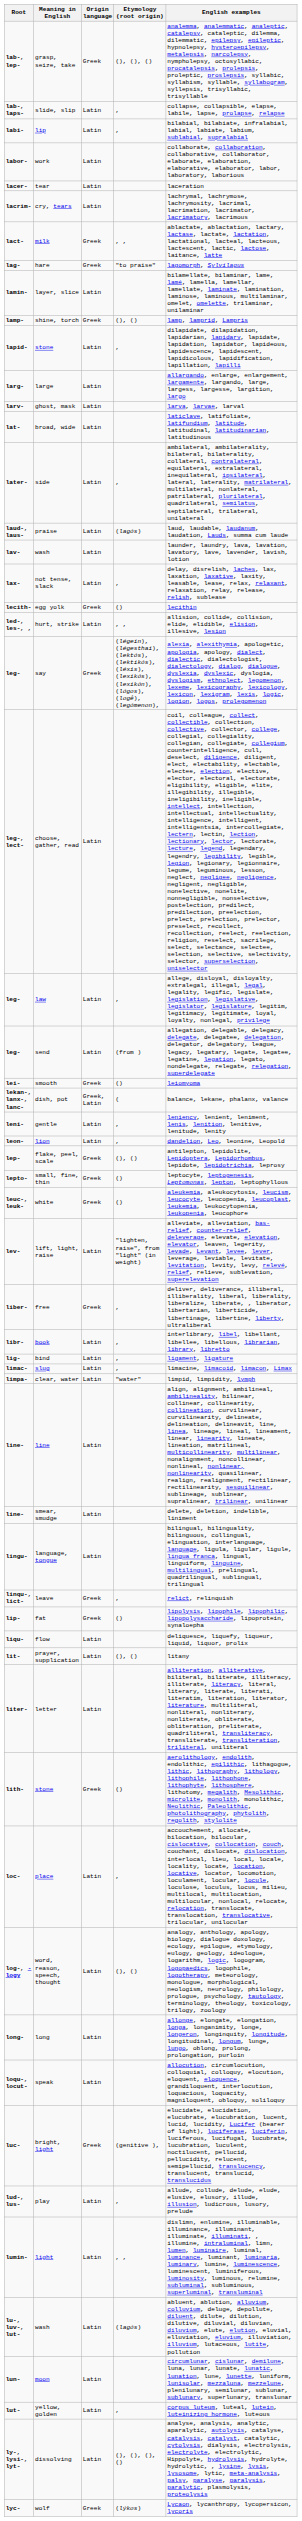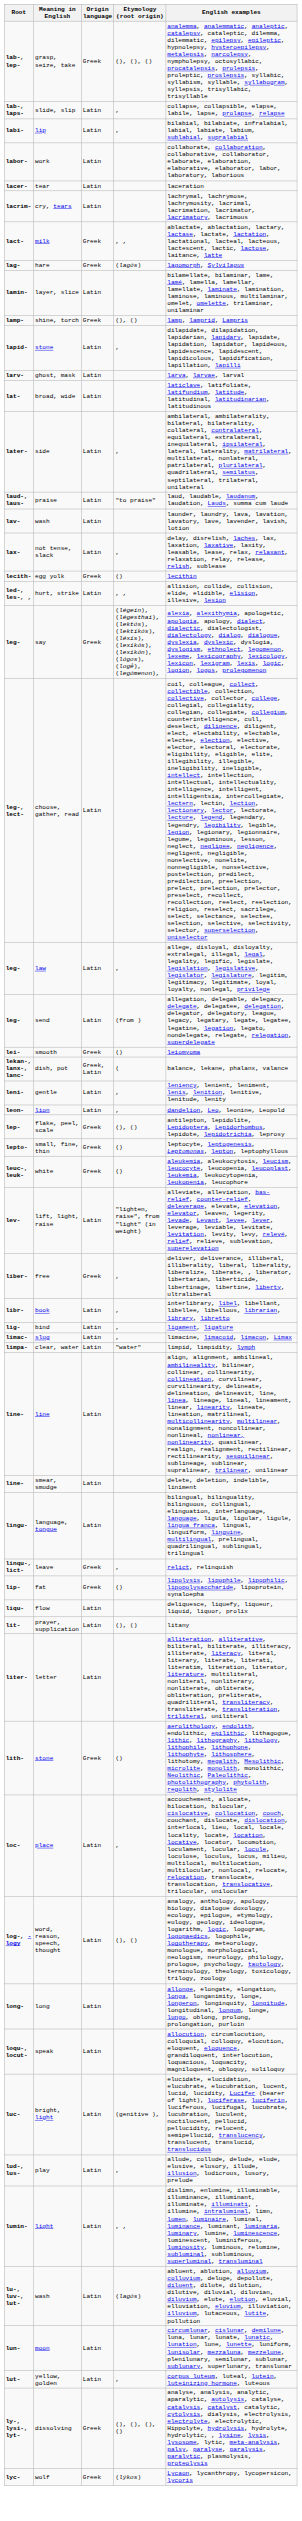 <table class="wikitable sortable" style="width:100%;" >
 <tr>
 <th>Root</th>
 <th>Meaning in English</th>
 <th>Origin language</th>
 <th>Etymology (root origin)</th>
 <th>English examples</th>
 </tr>
 <tr id="lab-">
 <td><strong>lab-</strong>, <strong>lep-</strong></td>
 <td>grasp, seize, take</td>
 <td>Greek</td>
 <td> (),  (),  ()</td>
 <td><a href='#'>analemma</a>, <a href='#'>analemmatic</a>, <a href='#'>analeptic</a>, <a href='#'>catalepsy</a>, cataleptic, dilemma, dilemmatic, <a href='#'>epilepsy</a>, <a href='#'>epileptic</a>, hypnolepsy, <a href='#'>hysteroepilepsy</a>, <a href='#'>metalepsis</a>, <a href='#'>narcolepsy</a>, nympholepsy, octosyllabic, <a href='#'>procatalepsis</a>, <a href='#'>prolepsis</a>, proleptic, <a href='#'>proslepsis</a>, syllabic, syllabism, syllable, <a href='#'>syllabogram</a>, syllepsis, trisyllabic, trisyllable</td>
 </tr>
 <tr>
 <td><strong>lab-</strong>, <strong>laps-</strong></td>
 <td>slide, slip</td>
 <td>Latin</td>
 <td>, <em></em></td>
 <td>collapse, collapsible, elapse, labile, lapse, <a href='#'>prolapse</a>, <a href='#'>relapse</a></td>
 </tr>
 <tr>
 <td><strong>labi-</strong></td>
 <td><a href='#'>lip</a></td>
 <td>Latin</td>
 <td>, <em></em></td>
 <td>bilabial, bilabiate, infralabial, labial, labiate, labium, <a href='#'>sublabial</a>, <a href='#'>supralabial</a></td>
 </tr>
 <tr>
 <td><strong>labor-</strong></td>
 <td>work</td>
 <td>Latin</td>
 <td></td>
 <td>collaborate, <a href='#'>collaboration</a>, collaborative, collaborator, elaborate, elaboration, elaborative, elaborator, labor, laboratory, laborious</td>
 </tr>
 <tr>
 <td><strong>lacer-</strong></td>
 <td>tear</td>
 <td>Latin</td>
 <td></td>
 <td>laceration</td>
 </tr>
 <tr>
 <td><strong>lacrim-</strong></td>
 <td>cry, <a href='#'>tears</a></td>
 <td>Latin</td>
 <td></td>
 <td>lachrymal, lachrymose, lachrymosity, lacrimal, lacrimation, lacrimator, <a href='#'>lacrimatory</a>, lacrimous</td>
 </tr>
 <tr>
 <td><strong>lact-</strong></td>
 <td><a href='#'>milk</a></td>
 <td>Greek</td>
 <td>, <em></em>, <em></em></td>
 <td>ablactate, ablactation, lactary, <a href='#'>lactase</a>, lactate, <a href='#'>lactation</a>, lactational, lacteal, lacteous, lactescent, lactic, <a href='#'>lactose</a>, laitance, <a href='#'>latte</a></td>
 </tr>
 <tr>
 <td><strong>lag-</strong></td>
 <td>hare</td>
 <td>Greek</td>
-<td> "to praise"</td>
+<td> (<em>lagós</em>)</td>
 <td><a href='#'>lagomorph</a>, <em><a href='#'>Sylvilagus</a></em></td>
 </tr>
 <tr>
 <td><strong>lamin-</strong></td>
 <td>layer, slice</td>
 <td>Latin</td>
 <td></td>
 <td>bilamellate, bilaminar, lame, <a href='#'>lamé</a>, lamella, lamellar, lamellate, <a href='#'>laminate</a>, lamination, laminose, laminous, multilaminar, omelet, <a href='#'>omelette</a>, trilaminar, unilaminar</td>
 </tr>
 <tr>
 <td><strong>lamp-</strong></td>
 <td>shine, torch</td>
 <td>Greek</td>
 <td> (),  ()</td>
 <td><a href='#'>lamp</a>, <a href='#'>lamprid</a>, <a href='#'>Lampris</a></td>
 </tr>
 <tr>
 <td><strong>lapid-</strong></td>
 <td><a href='#'>stone</a></td>
 <td>Latin</td>
 <td>, <em></em></td>
 <td>dilapidate, dilapidation, lapidarian, <a href='#'>lapidary</a>, lapidate, lapidation, lapidator, lapideous, lapidescence, lapidescent, lapidicolous, lapidification, lapillation, <a href='#'>lapilli</a></td>
-</tr>
-<tr>
-<td><strong>larg-</strong></td>
-<td>large</td>
-<td>Latin</td>
-<td></td>
-<td><a href='#'>allargando</a>, enlarge, enlargement, <a href='#'>largamente</a>, largando, large, largess, largesse, largition, <a href='#'>largo</a></td>
 </tr>
 <tr>
 <td><strong>larv-</strong></td>
 <td>ghost, mask</td>
 <td>Latin</td>
 <td></td>
 <td><a href='#'>larva</a>, <a href='#'>larvae</a>, larval</td>
 </tr>
 <tr>
 <td><strong>lat-</strong></td>
 <td>broad, wide</td>
 <td>Latin</td>
 <td></td>
 <td><a href='#'>laticlave</a>, latifoliate, <a href='#'>latifundium</a>, <a href='#'>latitude</a>, latitudinal, <a href='#'>latitudinarian</a>, latitudinous</td>
 </tr>
 <tr>
 <td><strong>later-</strong></td>
 <td>side</td>
 <td>Latin</td>
 <td><em></em>, </td>
 <td>ambilateral, ambilaterality, bilateral, bilaterality, collateral, <a href='#'>contralateral</a>, equilateral, extralateral, inequilateral, <a href='#'>ipsilateral</a>, lateral, laterality, <a href='#'>matrilateral</a>, multilateral, nonlateral, patrilateral, <a href='#'>plurilateral</a>, quadrilateral, <a href='#'>semilatus</a>, septilateral, trilateral, unilateral</td>
 </tr>
 <tr>
 <td><strong>laud-</strong>, <strong>laus-</strong></td>
 <td>praise</td>
 <td>Latin</td>
-<td> (<em>lagós</em>)</td>
+<td> "to praise"</td>
 <td>laud, laudable, <a href='#'>laudanum</a>, laudation, <a href='#'>Lauds</a>, summa cum laude</td>
 </tr>
 <tr>
 <td><strong>lav-</strong></td>
 <td>wash</td>
 <td>Latin</td>
 <td></td>
 <td>launder, laundry, lava, lavation, lavatory, lave, lavender, lavish, lotion</td>
 </tr>
 <tr>
 <td><strong>lax-</strong></td>
 <td>not tense, slack</td>
 <td>Latin</td>
 <td>, <em></em></td>
 <td>delay, disrelish, <a href='#'>laches</a>, lax, laxation, <a href='#'>laxative</a>, laxity, leasable, lease, relax, <a href='#'>relaxant</a>, relaxation, relay, release, <a href='#'>relish</a>, sublease</td>
 </tr>
 <tr>
 <td><strong>lecith-</strong></td>
 <td>egg yolk</td>
 <td>Greek</td>
 <td> ()</td>
 <td><a href='#'>lecithin</a></td>
 </tr>
 <tr>
 <td><strong>led-</strong>, <strong>les-</strong>, , </td>
 <td>hurt, strike</td>
 <td>Latin</td>
 <td>, , </td>
 <td>allision, collide, collision, elide, elidible, <a href='#'>elision</a>, illesive, <a href='#'>lesion</a></td>
 </tr>
 <tr>
 <td><strong>leg-</strong></td>
 <td>say</td>
 <td>Greek</td>
 <td> (<em>légein</em>),  (<em>légesthai</em>),  (<em>lektós</em>),  (<em>lektikós</em>),  (<em>léxis</em>),  (<em>lexikós</em>),  (<em>lexikón</em>),  (<em>lógos</em>), (<em>logḗ</em>),  (<em>legómenon</em>), </td>
 <td><a href='#'>alexia</a>, <a href='#'>alexithymia</a>, apologetic, <a href='#'>apologia</a>, apology, <a href='#'>dialect</a>, <a href='#'>dialectic</a>, dialectologist, <a href='#'>dialectology</a>, <a href='#'>dialog</a>, <a href='#'>dialogue</a>, <a href='#'>dyslexia</a>, <a href='#'>dyslexic</a>, dyslogia, <a href='#'>dyslogism</a>, <a href='#'>ethnolect</a>, <a href='#'>legomenon</a>, <a href='#'>lexeme</a>, <a href='#'>lexicography</a>, <a href='#'>lexicology</a>, <a href='#'>lexicon</a>, <a href='#'>lexigram</a>, <a href='#'>lexis</a>, <a href='#'>logic</a>, <a href='#'>logion</a>, <a href='#'>logos</a>, <a href='#'>prolegomenon</a></td>
 </tr>
 <tr>
 <td><strong>leg-</strong>, <strong>lect-</strong></td>
 <td>choose, gather, read</td>
 <td>Latin</td>
 <td></td>
 <td>coil, colleague, <a href='#'>collect</a>, <a href='#'>collectible</a>, collection, <a href='#'>collective</a>, collector, <a href='#'>college</a>, collegial, collegiality, collegian, collegiate, <a href='#'>collegium</a>, counterintelligence, cull, deselect, <a href='#'>diligence</a>, diligent, elect, electability, electable, electee, <a href='#'>election</a>, elective, elector, electoral, electorate, eligibility, eligible, elite, illegibility, illegible, ineligibility, ineligible, <a href='#'>intellect</a>, intellection, intellectual, intellectuality, intelligence, intelligent, intelligentsia, intercollegiate, <a href='#'>lectern</a>, lectin, <a href='#'>lection</a>, <a href='#'>lectionary</a>, <a href='#'>lector</a>, lectorate, <a href='#'>lecture</a>, <a href='#'>legend</a>, legendary, legendry, <a href='#'>legibility</a>, legible, <a href='#'>legion</a>, legionary, legionnaire, legume, leguminous, lesson, neglect, <a href='#'>negligee</a>, <a href='#'>negligence</a>, negligent, negligible, nonelective, nonelite, nonnegligible, nonselective, postelection, predilect, predilection, preelection, prelect, prelection, prelector, preselect, recollect, recollection, reelect, reelection, religion, reselect, sacrilege, select, selectance, selectee, selection, selective, selectivity, selector, <a href='#'>superselection</a>, <a href='#'>uniselector</a></td>
 </tr>
 <tr>
 <td><strong>leg-</strong></td>
 <td><a href='#'>law</a></td>
 <td>Latin</td>
 <td>, </td>
 <td>allege, disloyal, disloyalty, extralegal, illegal, <a href='#'>legal</a>, legality, legific, legislate, <a href='#'>legislation</a>, <a href='#'>legislative</a>, <a href='#'>legislator</a>, <a href='#'>legislature</a>, legitim, legitimacy, legitimate, loyal, loyalty, nonlegal, <a href='#'>privilege</a></td>
 </tr>
 <tr>
 <td><strong>leg-</strong></td>
 <td>send</td>
 <td>Latin</td>
 <td> (from <em></em>)</td>
 <td>allegation, delegable, delegacy, <a href='#'>delegate</a>, delegatee, <a href='#'>delegation</a>, delegator, delegatory, league, legacy, legatary, legate, legatee, legatine, <a href='#'>legation</a>, legato, nondelegate, relegate, <a href='#'>relegation</a>, <a href='#'>superdelegate</a></td>
 </tr>
 <tr>
 <td><strong>lei-</strong></td>
 <td>smooth</td>
 <td>Greek</td>
 <td> ()</td>
 <td><a href='#'>leiomyoma</a></td>
 </tr>
 <tr>
 <td><strong>lekan-</strong>, <strong>lanx-</strong>, <strong>lanc-</strong></td>
 <td>dish, pot</td>
 <td>Greek, Latin</td>
 <td> ( </td>
 <td>balance, lekane, phalanx, valance</td>
 </tr>
 <tr>
 <td><strong>leni-</strong></td>
 <td>gentle</td>
 <td>Latin</td>
 <td>, <em></em></td>
 <td><a href='#'>leniency</a>, lenient, leniment, <a href='#'>lenis</a>, <a href='#'>lenition</a>, lenitive, lenitude, lenity</td>
 </tr>
 <tr>
 <td><strong>leon-</strong></td>
 <td><a href='#'>lion</a></td>
 <td>Latin</td>
 <td>, <em></em></td>
 <td><a href='#'>dandelion</a>, <a href='#'>Leo</a>, leonine, Leopold</td>
 </tr>
 <tr id="lep-">
 <td><strong>lep-</strong></td>
 <td>flake, peel, scale</td>
 <td>Greek</td>
 <td> (),  ()</td>
 <td>antilepton, lepidolite, <a href='#'>Lepidoptera</a>, <a href='#'>Lepidorhombus</a>, lepidote, <a href='#'>lepidotrichia</a>, leprosy</td>
 </tr>
 <tr>
 <td><strong>lepto-</strong></td>
 <td>small, fine, thin</td>
 <td>Greek</td>
 <td> ()</td>
 <td>leptocyte, <a href='#'>leptogenesis</a>, <em><a href='#'>Leptomonas</a></em>, <a href='#'>lepton</a>, leptophyllous</td>
 </tr>
 <tr>
 <td><strong>leuc-</strong>, <strong>leuk-</strong></td>
 <td>white</td>
 <td>Greek</td>
 <td> ()</td>
 <td><a href='#'>aleukemia</a>, aleukocytosis, <a href='#'>leucism</a>, <a href='#'>leucocyte</a>, leucopenia, <a href='#'>leucoplast</a>, <a href='#'>leukemia</a>, leukocytopenia, <a href='#'>leukopenia</a>,  leucophore</td>
 </tr>
 <tr>
 <td><strong>lev-</strong></td>
 <td>lift, light, raise</td>
 <td>Latin</td>
 <td> "lighten, raise", from  "light" (in weight)</td>
 <td>alleviate, alleviation, <a href='#'>bas-relief</a>, <a href='#'>counter-relief</a>, <a href='#'>deleverage</a>, elevate, <a href='#'>elevation</a>, <a href='#'>elevator</a>, leaven, legerity, <a href='#'>levade</a>, <a href='#'>Levant</a>, <a href='#'>levee</a>, <a href='#'>lever</a>, leverage, leviable, levitate, <a href='#'>levitation</a>, levity, levy, <a href='#'>relevé</a>, <a href='#'>relief</a>, relieve, sublevation, <a href='#'>superelevation</a></td>
 </tr>
 <tr>
 <td><strong>liber-</strong></td>
 <td>free</td>
 <td>Greek</td>
 <td>, <em></em></td>
 <td>deliver, deliverance, illiberal, illiberality, liberal, liberality, liberalize, liberate, , liberator, libertarian, liberticide, libertinage, libertine, <a href='#'>liberty</a>, ultraliberal</td>
 </tr>
 <tr>
 <td><strong>libr-</strong></td>
 <td><a href='#'>book</a></td>
 <td>Latin</td>
 <td>, <em></em></td>
 <td>interlibrary, <a href='#'>libel</a>, libellant, libellee, libellous, <a href='#'>librarian</a>, <a href='#'>library</a>, <a href='#'>libretto</a></td>
 </tr>
 <tr>
 <td><strong>lig-</strong></td>
 <td>bind</td>
 <td>Latin</td>
 <td>, <em></em></td>
 <td><a href='#'>ligament</a>, <a href='#'>ligature</a></td>
 </tr>
 <tr>
 <td><strong>limac-</strong></td>
 <td><a href='#'>slug</a></td>
 <td>Latin</td>
 <td>, <em></em></td>
 <td>limacine, <a href='#'>limacoid</a>, <a href='#'>limacon</a>, <a href='#'>Limax</a></td>
 </tr>
 <tr>
 <td><strong>limpa-</strong></td>
 <td>clear, water</td>
 <td>Latin</td>
 <td> "water"</td>
 <td>limpid, limpidity, <a href='#'>lymph</a></td>
 </tr>
 <tr>
 <td><strong>line-</strong></td>
 <td><a href='#'>line</a></td>
 <td>Latin</td>
 <td></td>
 <td>align, alignment, ambilineal, <a href='#'>ambilineality</a>, bilinear, collinear, collinearity, <a href='#'>collineation</a>, curvilinear, curvilinearity, delineate, delineation, delineavit, line, <a href='#'>linea</a>, lineage, lineal, lineament, linear, <a href='#'>linearity</a>, lineate, lineation, matrilineal, <a href='#'>multicollinearity</a>, <a href='#'>multilinear</a>, nonalignment, noncollinear, nonlineal, <a href='#'>nonlinear, nonlinearity</a>, quasilinear, realign, realignment, rectilinear, rectilinearity, <a href='#'>sesquilinear</a>, sublineage, sublinear, supralinear, <a href='#'>trilinear</a>, unilinear</td>
 </tr>
 <tr>
 <td><strong>line-</strong></td>
 <td>smear, smudge</td>
 <td>Latin</td>
 <td></td>
 <td>delete, deletion, indelible, liniment</td>
 </tr>
 <tr>
 <td><strong>lingu-</strong></td>
 <td>language, <a href='#'>tongue</a></td>
 <td>Latin</td>
 <td></td>
 <td>bilingual, bilinguality, bilinguous, collingual, elinguation, interlanguage, <a href='#'>language</a>, ligula, ligular, ligule, <a href='#'>lingua franca</a>, lingual, linguiform, <a href='#'>linguine</a>, <a href='#'>multilingual</a>, prelingual, quadrilingual, sublingual, trilingual</td>
 </tr>
 <tr>
 <td><strong>linqu-</strong>, <strong>lict-</strong></td>
 <td>leave</td>
 <td>Greek</td>
 <td>, <em></em></td>
 <td><a href='#'>relict</a>, relinquish</td>
 </tr>
 <tr>
 <td><strong>lip-</strong></td>
 <td>fat</td>
 <td>Greek</td>
 <td> ()</td>
 <td><a href='#'>lipolysis</a>, <a href='#'>lipophile</a>, <a href='#'>lipophilic</a>, <a href='#'>lipopolysaccharide</a>, lipoprotein, synaloepha</td>
 </tr>
 <tr>
 <td><strong>liqu-</strong></td>
 <td>flow</td>
 <td>Latin</td>
 <td></td>
 <td>deliquesce, liquefy, liqueur, liquid, liquor, prolix</td>
 </tr>
 <tr>
 <td><strong>lit-</strong></td>
 <td>prayer, supplication</td>
 <td>Latin</td>
 <td> (),  ()</td>
 <td>litany</td>
 </tr>
 <tr>
 <td><strong>liter-</strong></td>
 <td>letter</td>
 <td>Latin</td>
 <td></td>
 <td><a href='#'>alliteration</a>, <a href='#'>alliterative</a>, biliteral, biliterate, illiteracy, illiterate, <a href='#'>literacy</a>, literal, literary, literate, literati, literatim, literation, literator, <a href='#'>literature</a>, multiliteral, nonliteral, nonliterary, nonliterate, obliterate, obliteration, preliterate, quadriliteral, <a href='#'>transliteracy</a>, transliterate, <a href='#'>transliteration</a>, <a href='#'>triliteral</a>, uniliteral</td>
 </tr>
 <tr>
 <td><strong>lith-</strong></td>
 <td><a href='#'>stone</a></td>
 <td>Greek</td>
 <td> ()</td>
 <td><a href='#'>aerolithology</a>, <a href='#'>endolith</a>, endolithic, <a href='#'>epilithic</a>, lithagogue, <a href='#'>lithic</a>, <a href='#'>lithography</a>, <a href='#'>lithology</a>, <a href='#'>lithophile</a>, <a href='#'>lithophone</a>, <a href='#'>lithophyte</a>, <a href='#'>lithosphere</a>, lithotomy, <a href='#'>megalith</a>, <a href='#'>Mesolithic</a>, <a href='#'>microlite</a>, <a href='#'>monolith</a>, monolithic, <a href='#'>Neolithic</a>, <a href='#'>Paleolithic</a>, <a href='#'>photolithography</a>, <a href='#'>phytolith</a>, <a href='#'>regolith</a>, <a href='#'>stylolite</a></td>
 </tr>
 <tr>
 <td><strong>loc-</strong></td>
 <td><a href='#'>place</a></td>
 <td>Latin</td>
 <td>, </td>
 <td>accouchement, allocate, bilocation, bilocular, <a href='#'>cislocative</a>, <a href='#'>collocation</a>, <a href='#'>couch</a>, couchant, dislocate, <a href='#'>dislocation</a>, interlocal, lieu, local, locale, locality, locate, <a href='#'>location</a>, <a href='#'>locative</a>, locator, locomotion, loculament, locular, <a href='#'>locule</a>, loculose, loculus, locus, milieu, multilocal, multilocation, multilocular, nonlocal, relocate, <a href='#'>relocation</a>, translocate, translocation, <a href='#'>translocative</a>, trilocular, unilocular</td>
 </tr>
 <tr>
 <td><strong>log-</strong>, <strong><a href='#'>-logy</a></strong></td>
 <td>word, reason, speech, thought</td>
 <td>Latin</td>
 <td> (),  ()</td>
 <td>analogy, anthology, apology, biology, dialogue doxology, ecology, epilogue, etymology, eulogy, geology, ideologue, logarithm, <a href='#'>logic</a>, logogram, <a href='#'>logopaedics</a>, logophile, <a href='#'>logotherapy</a>, meteorology, monologue, morphological, neologism, neurology, philology, prologue, psychology, <a href='#'>tautology</a>, terminology, theology, toxicology, trilogy, zoology</td>
 </tr>
 <tr>
 <td><strong>long-</strong></td>
 <td>long</td>
 <td>Latin</td>
 <td></td>
 <td><a href='#'>allonge</a>, elongate, elongation, <a href='#'>longa</a>, longanimity, longe, <a href='#'>longeron</a>, longinquity, <a href='#'>longitude</a>, longitudinal, <a href='#'>longum</a>, lunge, <a href='#'>lungo</a>, oblong, prolong, prolongation, purloin</td>
 </tr>
 <tr>
 <td><strong>loqu-</strong>, <strong>locut-</strong></td>
 <td>speak</td>
 <td>Latin</td>
 <td></td>
 <td><a href='#'>allocution</a>, circumlocution, colloquial, colloquy, elocution, eloquent, <a href='#'>eloquence</a>, grandiloquent, interlocution, loquacious, loquacity, magniloquent, obloquy, soliloquy</td>
 </tr>
 <tr>
 <td><strong>luc-</strong></td>
 <td>bright, <a href='#'>light</a></td>
-<td>Greek</td>
+<td>Latin</td>
 <td> (genitive ), </td>
 <td>elucidate, elucidation, elucubrate, elucubration, lucent, lucid, lucidity, <a href='#'>Lucifer</a> (bearer of light), <a href='#'>luciferase</a>, <a href='#'>luciferin</a>, luciferous, lucifugal, lucubrate, lucubration, luculent, noctilucent, pellucid, pellucidity, relucent, semipellucid, <a href='#'>translucency</a>, translucent, translucid, <a href='#'>translucidus</a></td>
 </tr>
 <tr>
 <td><strong>lud-</strong>, <strong>lus-</strong></td>
 <td>play</td>
 <td>Latin</td>
 <td>, <em></em></td>
 <td>allude, collude, delude, elude, elusive, elusory, illude, <a href='#'>illusion</a>, ludicrous, lusory, prelude</td>
 </tr>
 <tr>
 <td><strong>lumin-</strong></td>
 <td><a href='#'>light</a></td>
 <td>Latin</td>
 <td>, , </td>
 <td>dislimn, enlumine, illuminable, illuminance, illuminant, illuminate, <a href='#'>illuminati</a>, , illumine, <a href='#'>intraluminal</a>, limn, <a href='#'>lumen</a>, <a href='#'>luminaire</a>, luminal, <a href='#'>luminance</a>, luminant, <a href='#'>luminaria</a>, <a href='#'>luminary</a>, lumine, <a href='#'>luminescence</a>, luminescent, luminiferous, <a href='#'>luminosity</a>, luminous, relumine, <a href='#'>subluminal</a>, subluminous, <a href='#'>superluminal</a>, <a href='#'>transluminal</a></td>
 </tr>
 <tr>
 <td><strong>lu-</strong>, <strong>luv-</strong>, <strong>lut-</strong></td>
 <td>wash</td>
 <td>Latin</td>
 <td> (<em>lagós</em>)</td>
 <td>abluent, ablution, <a href='#'>alluvium</a>, <a href='#'>colluvium</a>, deluge, depollute, <a href='#'>diluent</a>, dilute, dilution, dilutive, diluvial, diluvian, <a href='#'>diluvium</a>, elute, <a href='#'>elution</a>, eluvial, elluviation, <a href='#'>eluvium</a>, illuviation, <a href='#'>illuvium</a>, lutaceous, <a href='#'>lutite</a>, pollution</td>
 </tr>
 <tr>
 <td><strong>lun-</strong></td>
 <td><a href='#'>moon</a></td>
 <td>Latin</td>
 <td></td>
 <td><a href='#'>circumlunar</a>, <a href='#'>cislunar</a>, <a href='#'>demilune</a>, luna, lunar, lunate, <a href='#'>lunatic</a>, <a href='#'>lunation</a>, lune, <a href='#'>lunette</a>, luniform, <a href='#'>lunisolar</a>, <a href='#'>mezzaluna</a>, <a href='#'>mezzelune</a>, plenilunary, semilunar, sublunar, <a href='#'>sublunary</a>, superlunary, translunar</td>
 </tr>
 <tr>
 <td><strong>lut-</strong></td>
 <td>yellow, golden</td>
 <td>Latin</td>
 <td>, </td>
 <td><a href='#'>corpus luteum</a>, luteal, <a href='#'>lutein</a>, <a href='#'>luteinizing hormone</a>, luteous</td>
 </tr>
 <tr>
 <td><strong>ly-</strong>, <strong>lysi-</strong>, <strong>lyt-</strong></td>
 <td>dissolving</td>
-<td>Latin</td>
+<td>Greek</td>
 <td> (),  (),  (),  ()</td>
 <td>analyse, analysis, analytic, aparalytic, <a href='#'>autolysis</a>, catalyse, <a href='#'>catalysis</a>, <a href='#'>catalyst</a>, catalytic, <a href='#'>cytolysis</a>, dialysis, electrolysis, <a href='#'>electrolyte</a>, electrolytic, Hippolyte, <a href='#'>hydrolysis</a>, hydrolyte, hydrolytic, , <a href='#'>lysine</a>, <a href='#'>lysis</a>, <a href='#'>lysosome</a>, lytic, <a href='#'>meta-analysis</a>, <a href='#'>palsy</a>, <a href='#'>paralyse</a>, <a href='#'>paralysis</a>, <a href='#'>paralytic</a>, plasmolysis, <a href='#'>proteolysis</a></td>
 </tr>
 <tr>
 <td><strong>lyc-</strong></td>
 <td>wolf</td>
 <td>Greek</td>
 <td> (<em>lýkos</em>)</td>
 <td><a href='#'>Lycaon</a>, lycanthropy, lycopersicon, <a href='#'>lycoris</a></td>
 </tr>
 </table>
